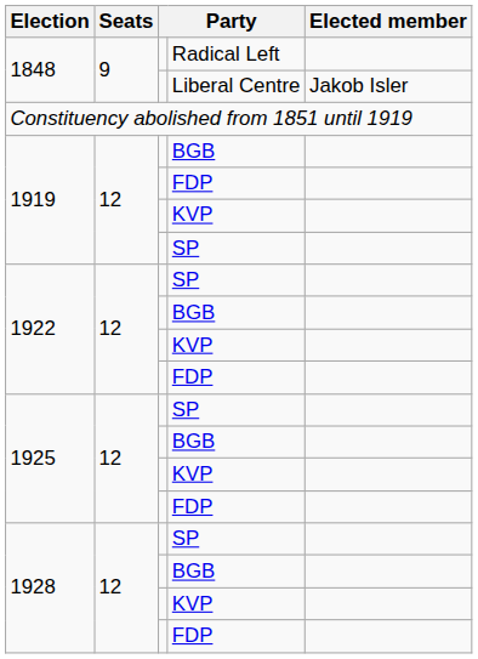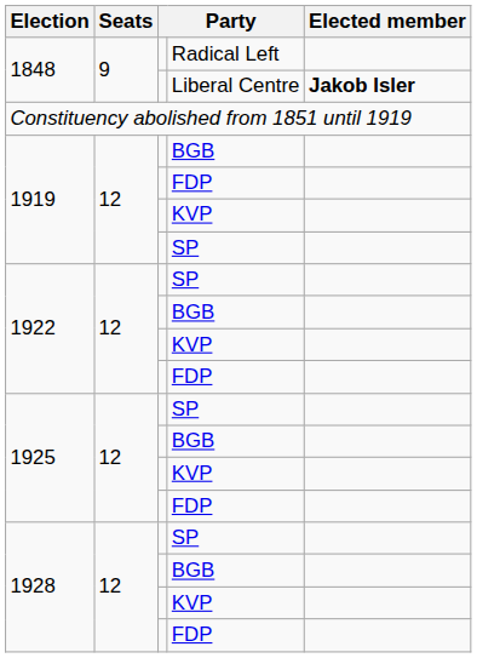 <table class="wikitable">
 <tr>
 <th>Election</th>
 <th>Seats</th>
 <th colspan="2">Party</th>
 <th>Elected member</th>
 </tr>
 <tr>
 <td rowspan="2">1848</td>
 <td rowspan="2">9</td>
 <td style="color:inherit;background:"></td>
 <td>Radical Left</td>
 <td></td>
 </tr>
 <tr>
 <td style="color:inherit;background:"></td>
 <td>Liberal Centre</td>
-<td>Jakob Isler</td>
+<td><strong>Jakob Isler</strong></td>
 </tr>
 <tr>
 <td colspan="5"><em>Constituency abolished from 1851 until 1919</em></td>
 </tr>
 <tr>
 <td rowspan="4">1919</td>
 <td rowspan="4">12</td>
 <td style="color:inherit;background:"></td>
 <td><a href='#'>BGB</a></td>
 <td></td>
 </tr>
 <tr>
 <td style="color:inherit;background:"></td>
 <td><a href='#'>FDP</a></td>
 <td></td>
 </tr>
 <tr>
 <td style="color:inherit;background:"></td>
 <td><a href='#'>KVP</a></td>
 <td></td>
 </tr>
 <tr>
 <td style="color:inherit;background:"></td>
 <td><a href='#'>SP</a></td>
 <td></td>
 </tr>
 <tr>
 <td rowspan="4">1922</td>
 <td rowspan="4">12</td>
 <td style="color:inherit;background:"></td>
 <td><a href='#'>SP</a></td>
 <td></td>
 </tr>
 <tr>
 <td style="color:inherit;background:"></td>
 <td><a href='#'>BGB</a></td>
 <td></td>
 </tr>
 <tr>
 <td style="color:inherit;background:"></td>
 <td><a href='#'>KVP</a></td>
 <td></td>
 </tr>
 <tr>
 <td style="color:inherit;background:"></td>
 <td><a href='#'>FDP</a></td>
 <td></td>
 </tr>
 <tr>
 <td rowspan="4">1925</td>
 <td rowspan="4">12</td>
 <td style="color:inherit;background:"></td>
 <td><a href='#'>SP</a></td>
 <td></td>
 </tr>
 <tr>
 <td style="color:inherit;background:"></td>
 <td><a href='#'>BGB</a></td>
 <td></td>
 </tr>
 <tr>
 <td style="color:inherit;background:"></td>
 <td><a href='#'>KVP</a></td>
 <td></td>
 </tr>
 <tr>
 <td style="color:inherit;background:"></td>
 <td><a href='#'>FDP</a></td>
 <td></td>
 </tr>
 <tr>
 <td rowspan="4">1928</td>
 <td rowspan="4">12</td>
 <td style="color:inherit;background:"></td>
 <td><a href='#'>SP</a></td>
 <td></td>
 </tr>
 <tr>
 <td style="color:inherit;background:"></td>
 <td><a href='#'>BGB</a></td>
 <td></td>
 </tr>
 <tr>
 <td style="color:inherit;background:"></td>
 <td><a href='#'>KVP</a></td>
 <td></td>
 </tr>
 <tr>
 <td style="color:inherit;background:"></td>
 <td><a href='#'>FDP</a></td>
 <td></td>
 </tr>
 </table>
